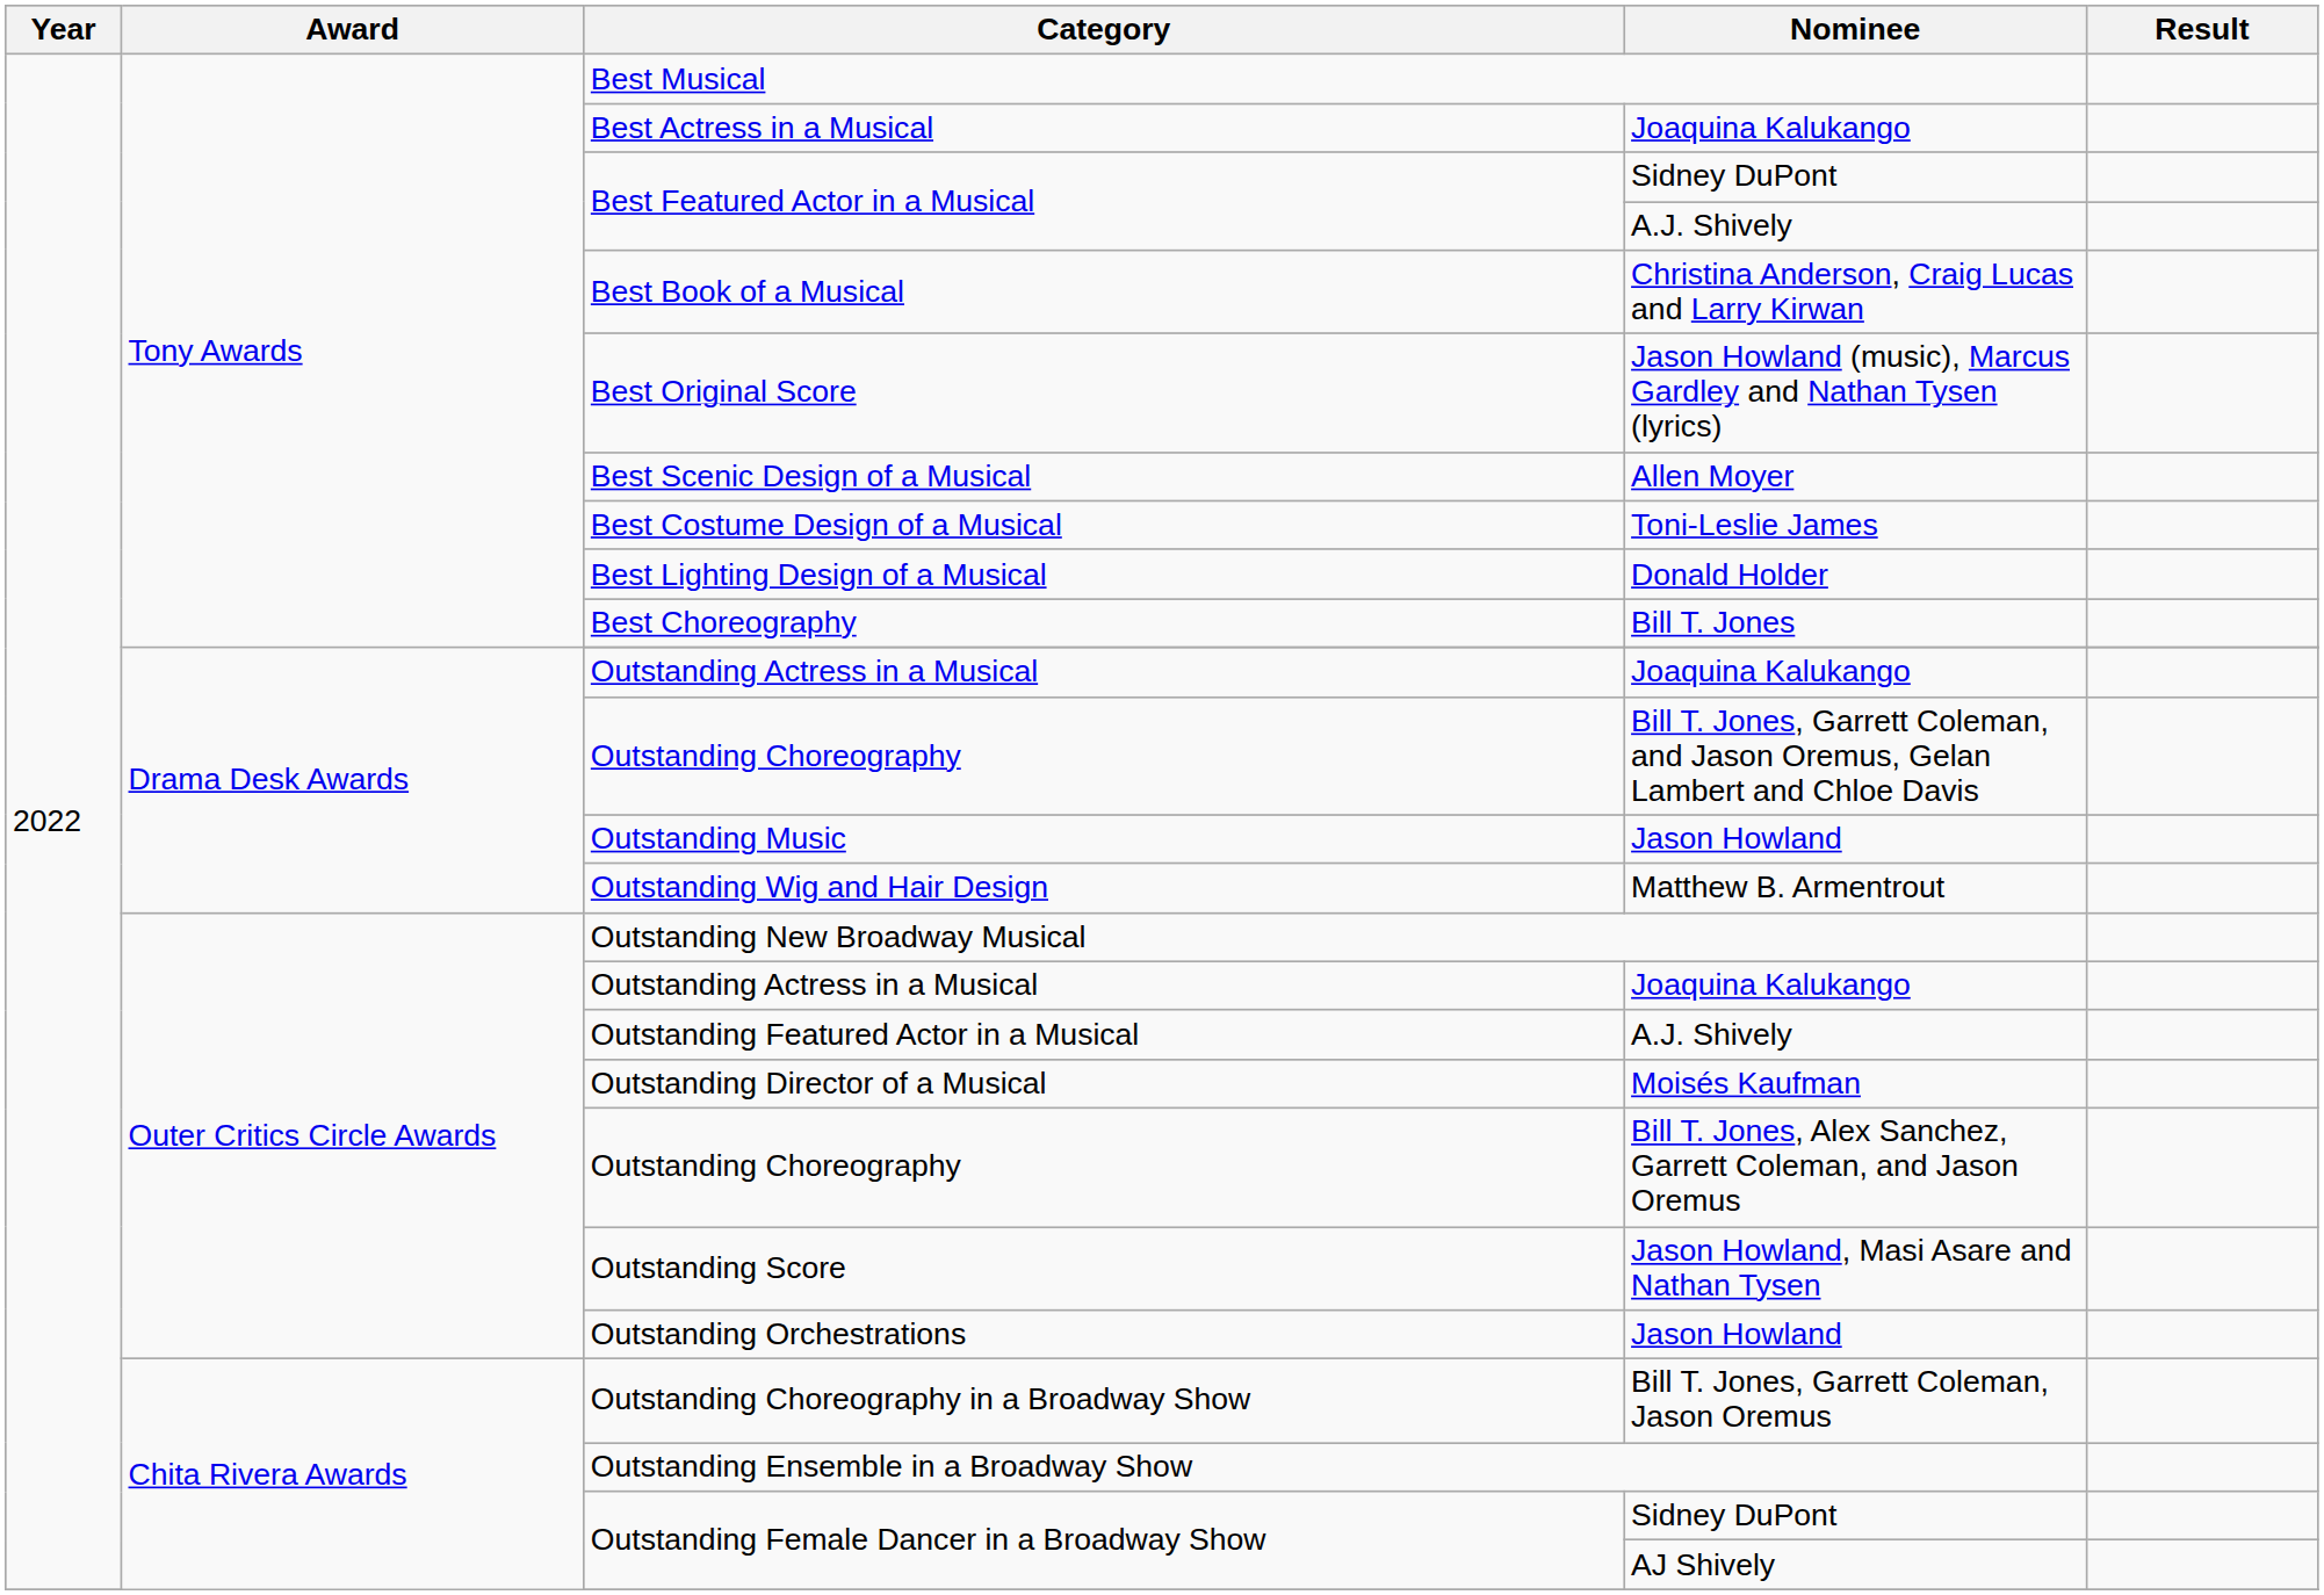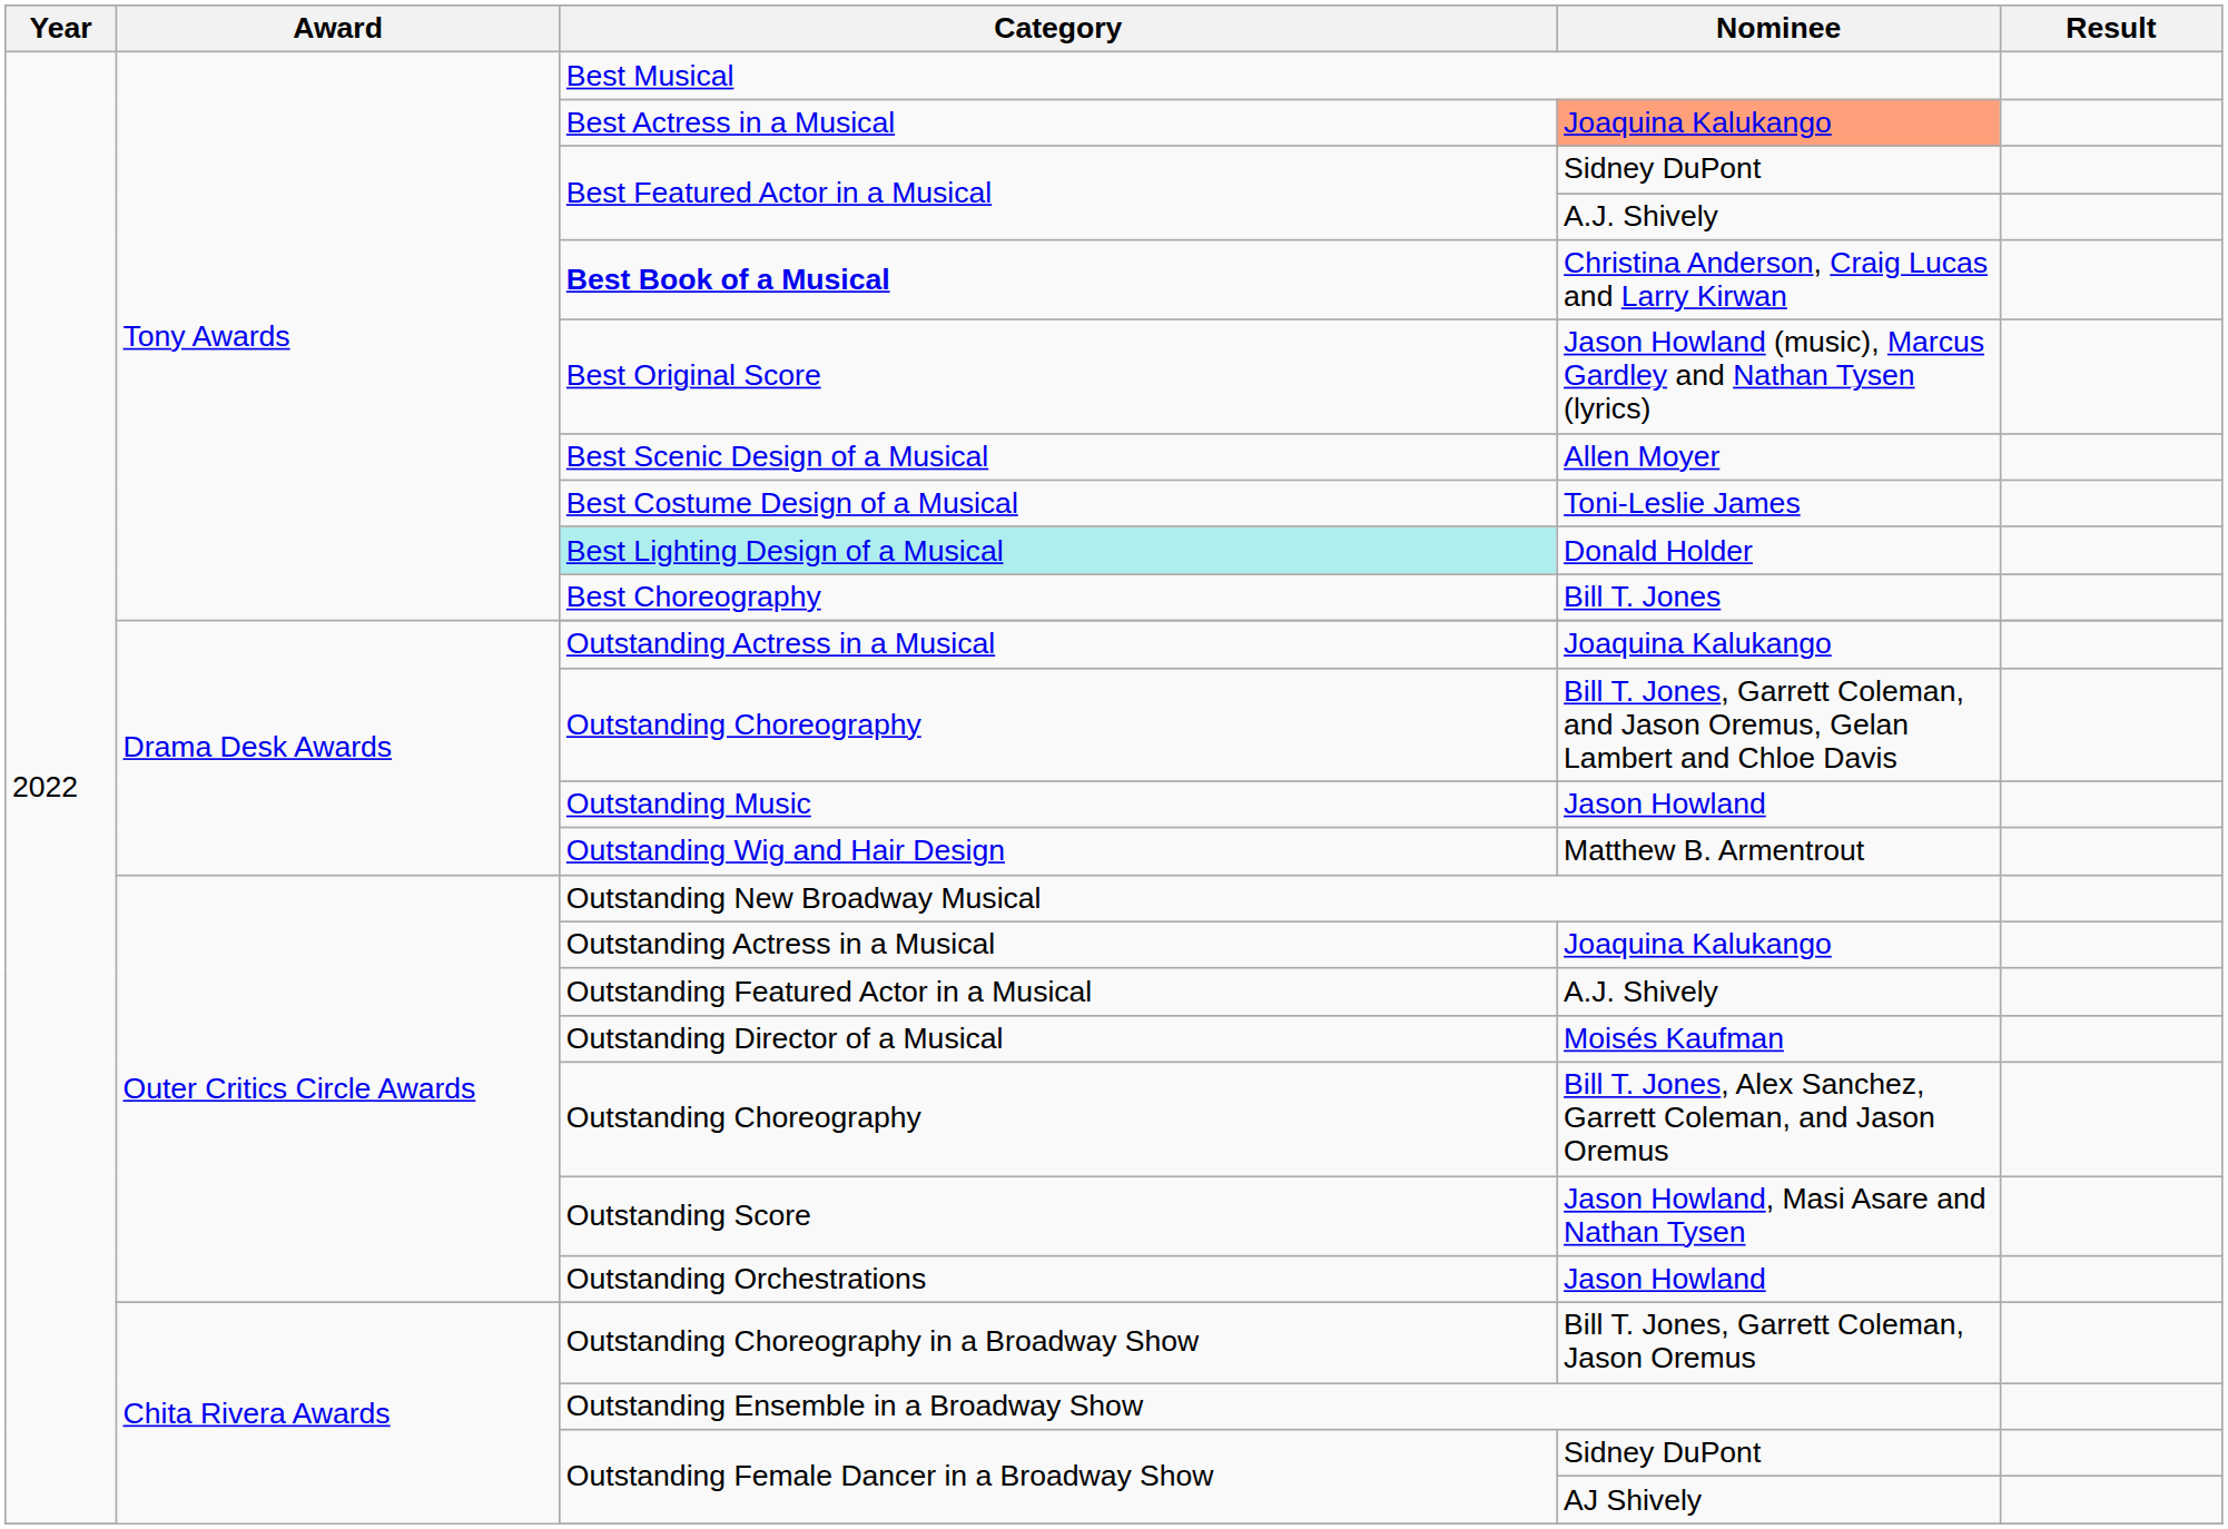 <table class="wikitable" width="95%">
 <tr>
 <th width="5%">Year</th>
 <th width="20%">Award</th>
 <th width="45%">Category</th>
 <th width="20%">Nominee</th>
 <th width="10%">Result</th>
 </tr>
 <tr>
 <td rowspan="26">2022</td>
 <td rowspan="10"><a href='#'>Tony Awards</a></td>
 <td colspan="2"><a href='#'>Best Musical</a></td>
 <td></td>
 </tr>
 <tr>
 <td><a href='#'>Best Actress in a Musical</a></td>
-<td><a href='#'>Joaquina Kalukango</a></td>
+<td style="background: lightsalmon;"><a href='#'>Joaquina Kalukango</a></td>
 <td></td>
 </tr>
 <tr>
 <td rowspan="2"><a href='#'>Best Featured Actor in a Musical</a></td>
 <td>Sidney DuPont</td>
 <td></td>
 </tr>
 <tr>
 <td>A.J. Shively</td>
 <td></td>
 </tr>
 <tr>
-<td><a href='#'>Best Book of a Musical</a></td>
+<td><strong><a href='#'>Best Book of a Musical</a></strong></td>
 <td><a href='#'>Christina Anderson</a>, <a href='#'>Craig Lucas</a> and <a href='#'>Larry Kirwan</a></td>
 <td></td>
 </tr>
 <tr>
 <td><a href='#'>Best Original Score</a></td>
 <td><a href='#'>Jason Howland</a> (music), <a href='#'>Marcus Gardley</a> and <a href='#'>Nathan Tysen</a> (lyrics)</td>
 <td></td>
 </tr>
 <tr>
 <td><a href='#'>Best Scenic Design of a Musical</a></td>
 <td><a href='#'>Allen Moyer</a></td>
 <td></td>
 </tr>
 <tr>
 <td><a href='#'>Best Costume Design of a Musical</a></td>
 <td><a href='#'>Toni-Leslie James</a></td>
 <td></td>
 </tr>
 <tr>
-<td><a href='#'>Best Lighting Design of a Musical</a></td>
+<td style="background: paleturquoise;"><a href='#'>Best Lighting Design of a Musical</a></td>
 <td><a href='#'>Donald Holder</a></td>
 <td></td>
 </tr>
 <tr>
 <td><a href='#'>Best Choreography</a></td>
 <td><a href='#'>Bill T. Jones</a></td>
 <td></td>
 </tr>
 <tr>
 <td rowspan="5"><a href='#'>Drama Desk Awards</a></td>
 </tr>
 <tr>
 <td><a href='#'>Outstanding Actress in a Musical</a></td>
 <td><a href='#'>Joaquina Kalukango</a></td>
 <td></td>
 </tr>
 <tr>
 <td><a href='#'>Outstanding Choreography</a></td>
 <td><a href='#'>Bill T. Jones</a>, Garrett Coleman, and Jason Oremus, Gelan Lambert and Chloe Davis</td>
 <td></td>
 </tr>
 <tr>
 <td><a href='#'>Outstanding Music</a></td>
 <td><a href='#'>Jason Howland</a></td>
 <td></td>
 </tr>
 <tr>
 <td><a href='#'>Outstanding Wig and Hair Design</a></td>
 <td>Matthew B. Armentrout</td>
 <td></td>
 </tr>
 <tr>
 <td rowspan="7"><a href='#'>Outer Critics Circle Awards</a></td>
 <td colspan="2">Outstanding New Broadway Musical</td>
 <td></td>
 </tr>
 <tr>
 <td>Outstanding Actress in a Musical</td>
 <td><a href='#'>Joaquina Kalukango</a></td>
 <td></td>
 </tr>
 <tr>
 <td>Outstanding Featured Actor in a Musical</td>
 <td>A.J. Shively</td>
 <td></td>
 </tr>
 <tr>
 <td>Outstanding Director of a Musical</td>
 <td><a href='#'>Moisés Kaufman</a></td>
 <td></td>
 </tr>
 <tr>
 <td>Outstanding Choreography</td>
 <td><a href='#'>Bill T. Jones</a>,  Alex Sanchez, Garrett Coleman, and Jason Oremus</td>
 <td></td>
 </tr>
 <tr>
 <td>Outstanding Score</td>
 <td><a href='#'>Jason Howland</a>, Masi Asare and <a href='#'>Nathan Tysen</a></td>
 <td></td>
 </tr>
 <tr>
 <td>Outstanding Orchestrations</td>
 <td><a href='#'>Jason Howland</a></td>
 <td></td>
 </tr>
 <tr>
 <td rowspan=7><a href='#'>Chita Rivera Awards</a></td>
 <td>Outstanding Choreography in a Broadway Show</td>
 <td>Bill T. Jones, Garrett Coleman, Jason Oremus</td>
 <td></td>
 </tr>
 <tr>
 <td colspan=2>Outstanding Ensemble in a Broadway Show</td>
 <td></td>
 </tr>
 <tr>
 <td rowspan=2>Outstanding Female Dancer in a Broadway Show</td>
 <td>Sidney DuPont</td>
 <td></td>
 </tr>
 <tr>
 <td>AJ Shively</td>
 <td></td>
 </tr>
 <tr>
 </tr>
 </table>
